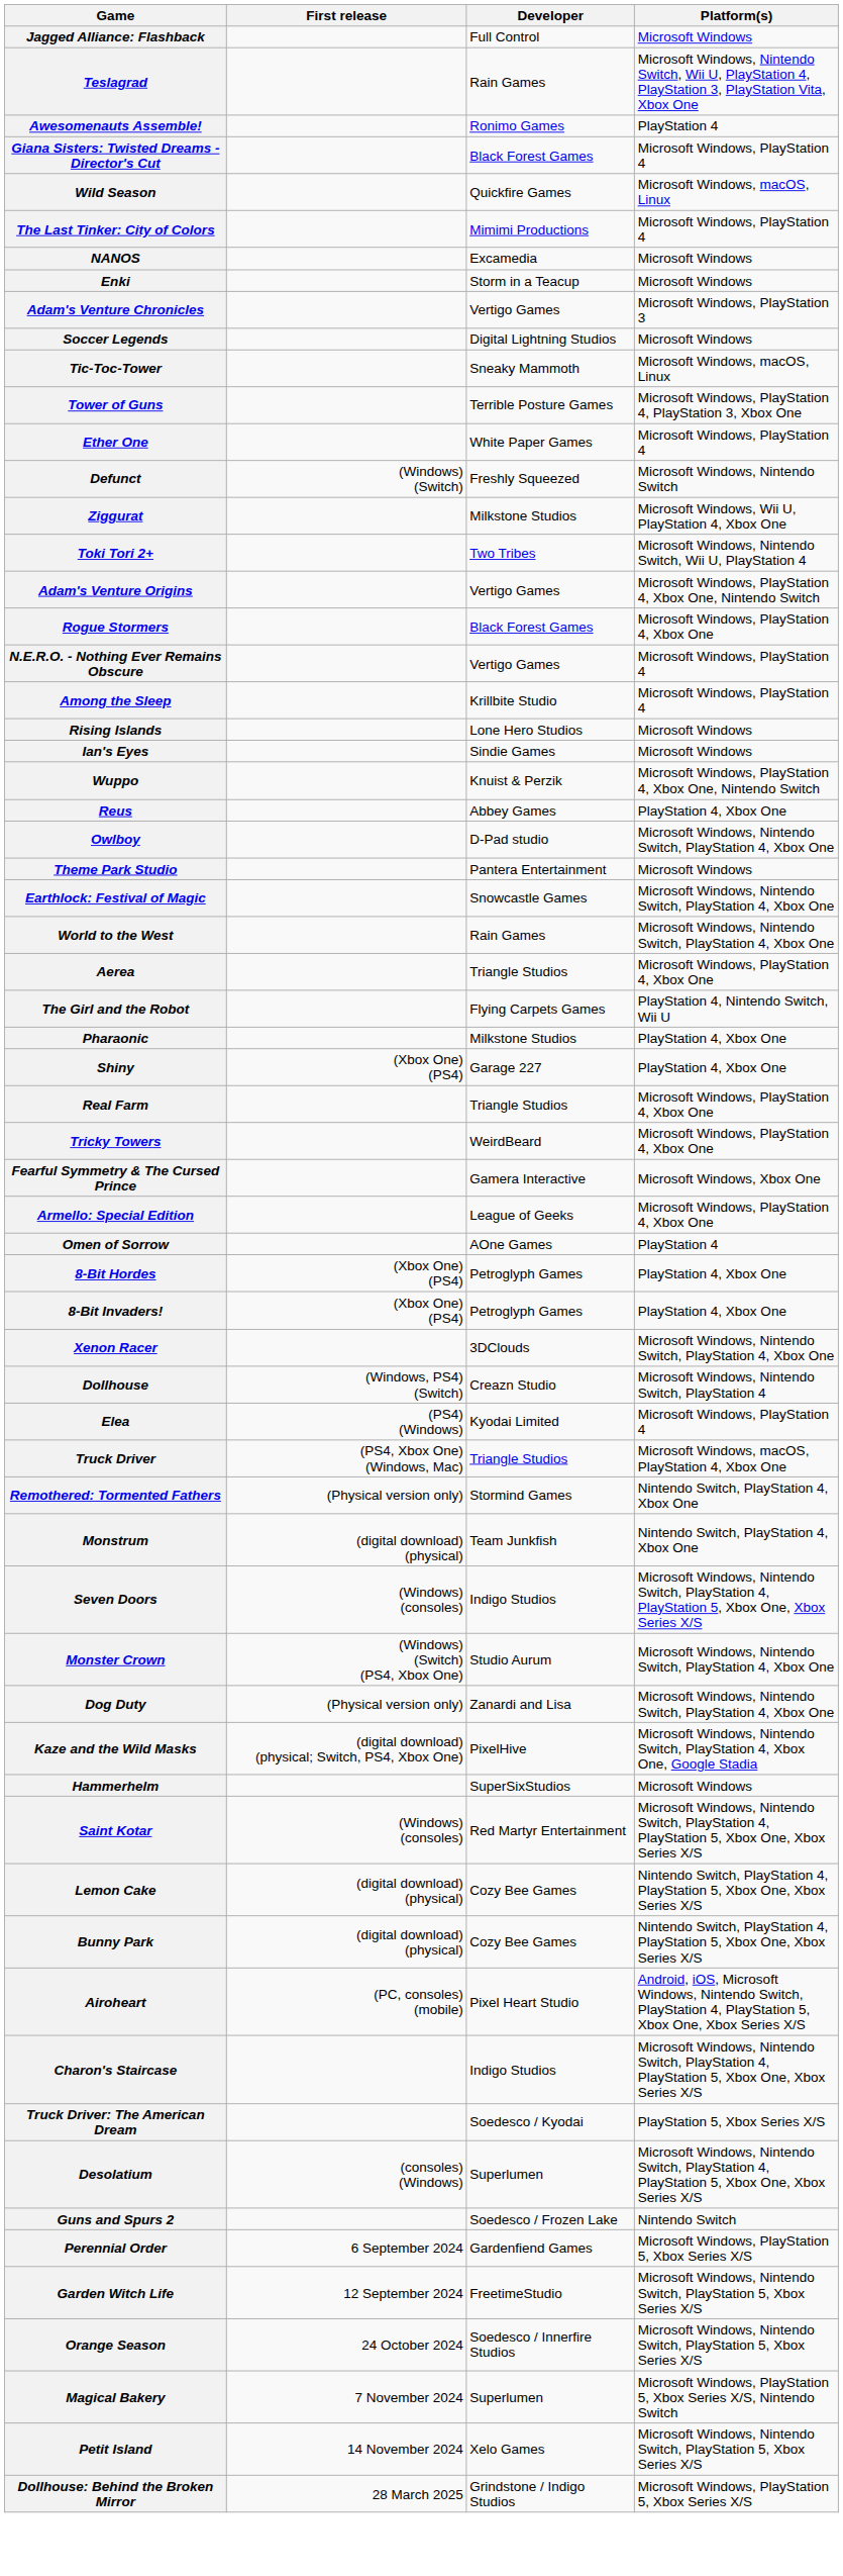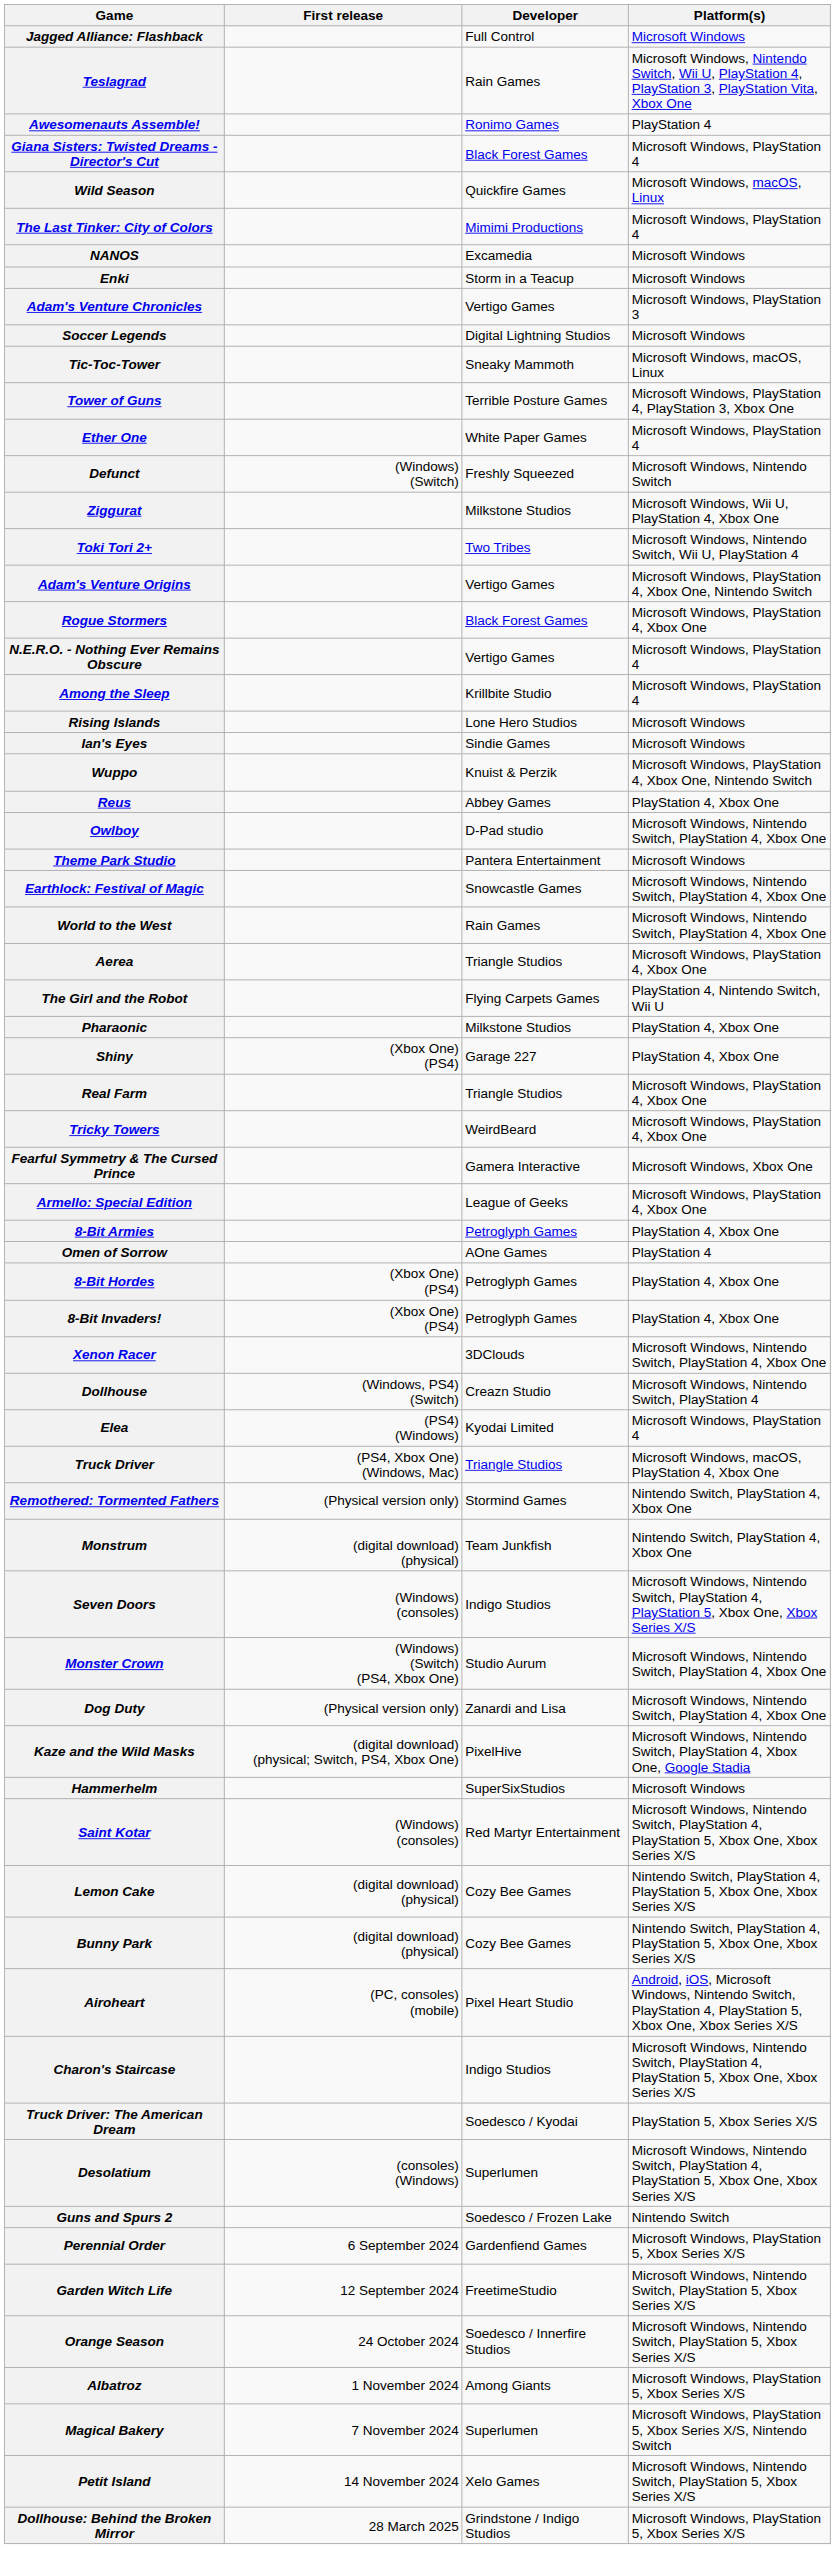 <table class="sortable wikitable plainrowheaders" style="font-size:95%;">
 <tr>
 <th scope="col" width=240>Game</th>
 <th scope="col" width=260>First release</th>
 <th scope="col" width=180>Developer</th>
 <th scope="col" width=220>Platform(s)</th>
 </tr>
 <tr>
 <th scope=row><em>Jagged Alliance: Flashback</em></th>
 <td align=right></td>
 <td>Full Control</td>
 <td><a href='#'>Microsoft Windows</a></td>
 </tr>
 <tr>
 <th scope=row><em><a href='#'>Teslagrad</a></em></th>
 <td align=right></td>
 <td>Rain Games</td>
 <td>Microsoft Windows, <a href='#'>Nintendo Switch</a>, <a href='#'>Wii U</a>, <a href='#'>PlayStation 4</a>, <a href='#'>PlayStation 3</a>, <a href='#'>PlayStation Vita</a>, <a href='#'>Xbox One</a></td>
 </tr>
 <tr>
 <th scope=row><em><a href='#'>Awesomenauts Assemble!</a></em></th>
 <td align=right></td>
 <td><a href='#'>Ronimo Games</a></td>
 <td>PlayStation 4</td>
 </tr>
 <tr>
 <th scope=row><em><a href='#'>Giana Sisters: Twisted Dreams - Director's Cut</a></em></th>
 <td align=right></td>
 <td><a href='#'>Black Forest Games</a></td>
 <td>Microsoft Windows, PlayStation 4</td>
 </tr>
 <tr>
 <th scope=row><em>Wild Season</em></th>
 <td align=right></td>
 <td>Quickfire Games</td>
 <td>Microsoft Windows, <a href='#'>macOS</a>, <a href='#'>Linux</a></td>
 </tr>
 <tr>
 <th scope=row><em><a href='#'>The Last Tinker: City of Colors</a></em></th>
 <td align=right></td>
 <td><a href='#'>Mimimi Productions</a></td>
 <td>Microsoft Windows, PlayStation 4</td>
 </tr>
 <tr>
 <th scope=row><em>NANOS</em></th>
 <td align=right></td>
 <td>Excamedia</td>
 <td>Microsoft Windows</td>
 </tr>
 <tr>
 <th scope=row><em>Enki</em></th>
 <td align=right></td>
 <td>Storm in a Teacup</td>
 <td>Microsoft Windows</td>
 </tr>
 <tr>
 <th scope=row><em><a href='#'>Adam's Venture Chronicles</a></em></th>
 <td align=right></td>
 <td>Vertigo Games</td>
 <td>Microsoft Windows, PlayStation 3</td>
 </tr>
 <tr>
 <th scope=row><em>Soccer Legends</em></th>
 <td align=right></td>
 <td>Digital Lightning Studios</td>
 <td>Microsoft Windows</td>
 </tr>
 <tr>
 <th scope=row><em>Tic-Toc-Tower</em></th>
 <td align=right></td>
 <td>Sneaky Mammoth</td>
 <td>Microsoft Windows, macOS, Linux</td>
 </tr>
 <tr>
 <th scope=row><em><a href='#'>Tower of Guns</a></em></th>
 <td align=right></td>
 <td>Terrible Posture Games</td>
 <td>Microsoft Windows, PlayStation 4, PlayStation 3, Xbox One</td>
 </tr>
 <tr>
 <th scope=row><em><a href='#'>Ether One</a></em></th>
 <td align=right></td>
 <td>White Paper Games</td>
 <td>Microsoft Windows, PlayStation 4</td>
 </tr>
 <tr>
 <th scope=row><em>Defunct</em></th>
 <td align=right> (Windows)<br> (Switch)</td>
 <td>Freshly Squeezed</td>
 <td>Microsoft Windows, Nintendo  Switch</td>
 </tr>
 <tr>
 <th scope=row><em><a href='#'>Ziggurat</a></em></th>
 <td align=right></td>
 <td>Milkstone Studios</td>
 <td>Microsoft Windows, Wii U, PlayStation 4, Xbox One</td>
 </tr>
 <tr>
 <th scope=row><em><a href='#'>Toki Tori 2+</a></em></th>
 <td align=right></td>
 <td><a href='#'>Two Tribes</a></td>
 <td>Microsoft Windows, Nintendo Switch, Wii U, PlayStation 4</td>
 </tr>
 <tr>
 <th scope=row><em><a href='#'>Adam's Venture Origins</a></em></th>
 <td align=right></td>
 <td>Vertigo Games</td>
 <td>Microsoft Windows, PlayStation 4, Xbox One, Nintendo Switch</td>
 </tr>
 <tr>
 <th scope=row><em><a href='#'>Rogue Stormers</a></em></th>
 <td align=right></td>
 <td><a href='#'>Black Forest Games</a></td>
 <td>Microsoft Windows, PlayStation 4, Xbox One</td>
 </tr>
 <tr>
 <th scope=row><em>N.E.R.O. - Nothing Ever Remains Obscure</em></th>
 <td align=right></td>
 <td>Vertigo Games</td>
 <td>Microsoft Windows, PlayStation 4</td>
 </tr>
 <tr>
 <th scope=row><em><a href='#'>Among the Sleep</a></em></th>
 <td align=right></td>
 <td>Krillbite Studio</td>
 <td>Microsoft Windows, PlayStation 4</td>
 </tr>
 <tr>
 <th scope=row><em>Rising Islands</em></th>
 <td align=right></td>
 <td>Lone Hero Studios</td>
 <td>Microsoft Windows</td>
 </tr>
 <tr>
 <th scope=row><em>Ian's Eyes</em></th>
 <td align=right></td>
 <td>Sindie Games</td>
 <td>Microsoft Windows</td>
 </tr>
 <tr>
 <th scope=row><em>Wuppo</em></th>
 <td align=right></td>
 <td>Knuist & Perzik</td>
 <td>Microsoft Windows, PlayStation 4, Xbox One, Nintendo Switch</td>
 </tr>
 <tr>
 <th scope=row><em><a href='#'>Reus</a></em></th>
 <td align=right></td>
 <td>Abbey Games</td>
 <td>PlayStation 4, Xbox One</td>
 </tr>
 <tr>
 <th scope=row><em><a href='#'>Owlboy</a></em></th>
 <td align=right></td>
 <td>D-Pad studio</td>
 <td>Microsoft Windows, Nintendo Switch, PlayStation 4, Xbox One</td>
 </tr>
 <tr>
 <th scope=row><em><a href='#'>Theme Park Studio</a></em></th>
 <td align=right></td>
 <td>Pantera Entertainment</td>
 <td>Microsoft Windows</td>
 </tr>
 <tr>
 <th scope=row><em><a href='#'>Earthlock: Festival of Magic</a></em></th>
 <td align=right></td>
 <td>Snowcastle Games</td>
 <td>Microsoft Windows, Nintendo Switch, PlayStation 4, Xbox One</td>
 </tr>
 <tr>
 <th scope=row><em>World to the West</em></th>
 <td align=right></td>
 <td>Rain Games</td>
 <td>Microsoft Windows, Nintendo Switch, PlayStation 4, Xbox One</td>
 </tr>
 <tr>
 <th scope=row><em>Aerea</em></th>
 <td align=right></td>
 <td>Triangle Studios</td>
 <td>Microsoft Windows, PlayStation 4, Xbox One</td>
 </tr>
 <tr>
 <th scope=row><em>The Girl and the Robot</em></th>
 <td align=right></td>
 <td>Flying Carpets Games</td>
 <td>PlayStation 4, Nintendo Switch, Wii U</td>
 </tr>
 <tr>
 <th scope=row><em>Pharaonic</em></th>
 <td align=right></td>
 <td>Milkstone Studios</td>
 <td>PlayStation 4, Xbox One</td>
 </tr>
 <tr>
 <th scope=row><em>Shiny</em></th>
 <td align=right> (Xbox One)<br> (PS4)</td>
 <td>Garage 227</td>
 <td>PlayStation 4, Xbox One</td>
 </tr>
 <tr>
 <th scope=row><em>Real Farm</em></th>
 <td align=right></td>
 <td>Triangle Studios</td>
 <td>Microsoft Windows, PlayStation 4, Xbox One</td>
 </tr>
 <tr>
 <th scope=row><em><a href='#'>Tricky Towers</a></em></th>
 <td align=right></td>
 <td>WeirdBeard</td>
 <td>Microsoft Windows, PlayStation 4, Xbox One</td>
 </tr>
 <tr>
 <th scope=row><em>Fearful Symmetry & The Cursed Prince</em></th>
 <td align=right></td>
 <td>Gamera Interactive</td>
 <td>Microsoft Windows, Xbox One</td>
 </tr>
 <tr>
 <th scope=row><em><a href='#'>Armello: Special Edition</a></em></th>
 <td align=right></td>
 <td>League of Geeks</td>
 <td>Microsoft Windows, PlayStation 4, Xbox One</td>
 </tr>
 <tr>
+<th scope=row><em><a href='#'>8-Bit Armies</a></em></th>
+<td align=right></td>
+<td><a href='#'>Petroglyph Games</a></td>
+<td>PlayStation 4, Xbox One</td>
+</tr>
+<tr>
 <th scope=row><em>Omen of Sorrow</em></th>
 <td align=right></td>
 <td>AOne Games</td>
 <td>PlayStation 4</td>
 </tr>
 <tr>
 <th scope=row><em><a href='#'>8-Bit Hordes</a></em></th>
 <td align=right> (Xbox One)<br> (PS4)</td>
 <td>Petroglyph Games</td>
 <td>PlayStation 4, Xbox One</td>
 </tr>
 <tr>
 <th scope=row><em>8-Bit Invaders!</em></th>
 <td align=right> (Xbox One)<br> (PS4)</td>
 <td>Petroglyph Games</td>
 <td>PlayStation 4, Xbox One</td>
 </tr>
 <tr>
 <th scope=row><em><a href='#'>Xenon Racer</a></em></th>
 <td align=right></td>
 <td>3DClouds</td>
 <td>Microsoft Windows, Nintendo Switch, PlayStation 4, Xbox One</td>
 </tr>
 <tr>
 <th scope=row><em>Dollhouse</em></th>
 <td align=right> (Windows, PS4)<br> (Switch)</td>
 <td>Creazn Studio</td>
 <td>Microsoft Windows, Nintendo Switch, PlayStation 4</td>
 </tr>
 <tr>
 <th scope=row><em>Elea</em></th>
 <td align=right> (PS4)<br> (Windows)</td>
 <td>Kyodai Limited</td>
 <td>Microsoft Windows, PlayStation 4</td>
 </tr>
 <tr>
 <th scope=row><em>Truck Driver</em></th>
 <td align=right> (PS4, Xbox One)<br> (Windows, Mac)</td>
 <td><a href='#'>Triangle Studios</a></td>
 <td>Microsoft Windows, macOS, PlayStation 4, Xbox One</td>
 </tr>
 <tr>
 <th scope=row><em><a href='#'>Remothered: Tormented Fathers</a></em></th>
 <td align=right> (Physical version only)</td>
 <td>Stormind Games</td>
 <td>Nintendo Switch, PlayStation 4, Xbox One</td>
 </tr>
 <tr>
 <th scope=row><em>Monstrum</em></th>
 <td align=right><br> (digital download)<br>  (physical)</td>
 <td>Team Junkfish</td>
 <td>Nintendo Switch, PlayStation 4, Xbox One</td>
 </tr>
 <tr>
 <th scope=row><em>Seven Doors</em></th>
 <td align=right> (Windows)<br> (consoles)</td>
 <td>Indigo Studios</td>
 <td>Microsoft Windows, Nintendo Switch, PlayStation 4, <a href='#'>PlayStation 5</a>, Xbox One, <a href='#'>Xbox Series X/S</a></td>
 </tr>
 <tr>
 <th scope=row><em><a href='#'>Monster Crown</a></em></th>
 <td align=right> (Windows)<br> (Switch)<br> (PS4, Xbox One)</td>
 <td>Studio Aurum</td>
 <td>Microsoft Windows, Nintendo Switch, PlayStation 4, Xbox One</td>
 </tr>
 <tr>
 <th scope=row><em>Dog Duty</em></th>
 <td align=right> (Physical version only)</td>
 <td>Zanardi and Lisa</td>
 <td>Microsoft Windows, Nintendo Switch, PlayStation 4, Xbox One</td>
 </tr>
 <tr>
 <th scope=row><em>Kaze and the Wild Masks</em></th>
 <td align=right> (digital download)<br> (physical; Switch, PS4, Xbox One)</td>
 <td>PixelHive</td>
 <td>Microsoft Windows, Nintendo Switch, PlayStation 4, Xbox One, <a href='#'>Google Stadia</a></td>
 </tr>
 <tr>
 <th scope=row><em>Hammerhelm</em></th>
 <td align=right></td>
 <td>SuperSixStudios</td>
 <td>Microsoft Windows</td>
 </tr>
 <tr>
 <th scope=row><em><a href='#'>Saint Kotar</a></em></th>
 <td align=right> (Windows)<br>  (consoles)</td>
 <td>Red Martyr Entertainment</td>
 <td>Microsoft Windows, Nintendo Switch, PlayStation 4, PlayStation 5, Xbox One, Xbox Series X/S</td>
 </tr>
 <tr>
 <th scope=row><em>Lemon Cake</em></th>
 <td align=right> (digital download)<br>  (physical)</td>
 <td>Cozy Bee Games</td>
 <td>Nintendo Switch, PlayStation 4, PlayStation 5, Xbox One, Xbox Series X/S</td>
 </tr>
 <tr>
 <th scope=row><em>Bunny Park</em></th>
 <td align=right> (digital download)<br>  (physical)</td>
 <td>Cozy Bee Games</td>
 <td>Nintendo Switch, PlayStation 4, PlayStation 5, Xbox One, Xbox Series X/S</td>
 </tr>
 <tr>
 <th scope=row><em>Airoheart</em></th>
 <td align=right> (PC, consoles)<br> (mobile)</td>
 <td>Pixel Heart Studio</td>
 <td><a href='#'>Android</a>, <a href='#'>iOS</a>, Microsoft Windows, Nintendo Switch, PlayStation 4, PlayStation 5, Xbox One, Xbox Series X/S</td>
 </tr>
 <tr>
 <th scope=row><em>Charon's Staircase</em></th>
 <td align=right></td>
 <td>Indigo Studios</td>
 <td>Microsoft Windows, Nintendo Switch, PlayStation 4, PlayStation 5, Xbox One, Xbox Series X/S</td>
 </tr>
 <tr>
 <th scope=row><em>Truck Driver: The American Dream</em></th>
 <td align=right></td>
 <td>Soedesco / Kyodai</td>
 <td>PlayStation 5, Xbox Series X/S</td>
 </tr>
 <tr>
 <th scope=row><em>Desolatium</em></th>
 <td align=right> (consoles)<br> (Windows)</td>
 <td>Superlumen</td>
 <td>Microsoft Windows, Nintendo Switch, PlayStation 4, PlayStation 5, Xbox One, Xbox Series X/S</td>
 </tr>
 <tr>
 <th scope=row><em>Guns and Spurs 2</em></th>
 <td align=right></td>
 <td>Soedesco / Frozen Lake</td>
 <td>Nintendo Switch</td>
 </tr>
 <tr>
 <th scope=row><em>Perennial Order</em></th>
 <td align=right>6 September 2024</td>
 <td>Gardenfiend Games</td>
 <td>Microsoft Windows, PlayStation 5, Xbox Series X/S</td>
 </tr>
 <tr>
 <th scope="row"><em>Garden Witch Life</em></th>
 <td align="right">12 September 2024</td>
 <td>FreetimeStudio</td>
 <td>Microsoft Windows, Nintendo Switch, PlayStation 5, Xbox Series X/S</td>
 </tr>
 <tr>
 <th scope="row"><em>Orange Season</em></th>
 <td align="right">24 October 2024</td>
 <td>Soedesco / Innerfire Studios</td>
 <td>Microsoft Windows, Nintendo Switch, PlayStation 5, Xbox Series X/S</td>
 </tr>
 <tr>
+<th scope="row"><em>Albatroz</em></th>
+<td align="right">1 November 2024</td>
+<td>Among Giants</td>
+<td>Microsoft Windows, PlayStation 5, Xbox Series X/S</td>
+</tr>
+<tr>
 <th scope="row"><em>Magical Bakery</em></th>
 <td align="right">7 November 2024</td>
 <td>Superlumen</td>
 <td>Microsoft Windows, PlayStation 5, Xbox Series X/S, Nintendo Switch</td>
 </tr>
 <tr>
 <th scope="row"><em>Petit Island</em></th>
 <td align="right">14 November 2024</td>
 <td>Xelo Games</td>
 <td>Microsoft Windows, Nintendo Switch, PlayStation 5, Xbox Series X/S</td>
 </tr>
 <tr>
 <th scope=row><em>Dollhouse: Behind the Broken Mirror</em></th>
 <td align=right>28 March 2025</td>
 <td>Grindstone / Indigo Studios</td>
 <td>Microsoft Windows, PlayStation 5, Xbox Series X/S</td>
 </tr>
 </table>
